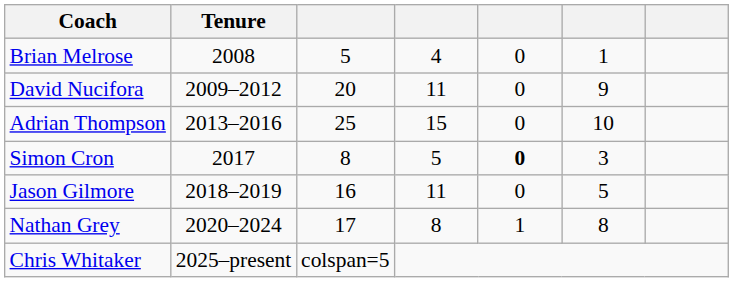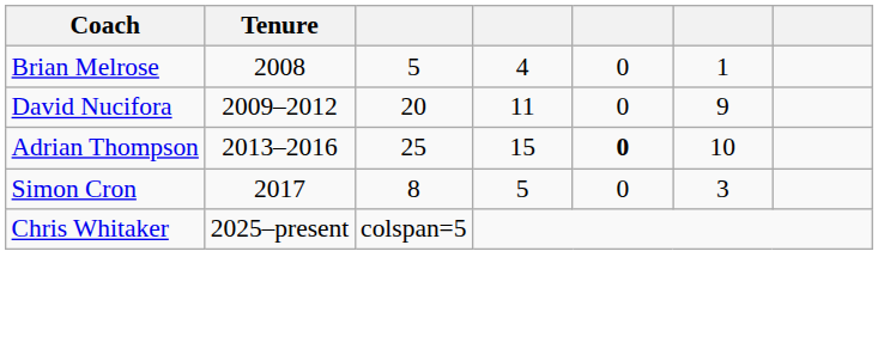 <table class="wikitable" style="text-align:center">
 <tr>
 <th>Coach</th>
 <th>Tenure</th>
 <th width=55px></th>
 <th width=55px></th>
 <th width=55px></th>
 <th width=55px></th>
 <th width=55px></th>
 </tr>
 <tr>
 <td align="left"> <a href='#'>Brian Melrose</a></td>
 <td>2008</td>
 <td>5</td>
 <td>4</td>
 <td>0</td>
 <td>1</td>
 <td></td>
 </tr>
 <tr>
 <td align="left"> <a href='#'>David Nucifora</a></td>
 <td>2009–2012</td>
 <td>20</td>
 <td>11</td>
 <td>0</td>
 <td>9</td>
 <td></td>
 </tr>
 <tr>
 <td align="left"> <a href='#'>Adrian Thompson</a></td>
 <td>2013–2016</td>
 <td>25</td>
 <td>15</td>
-<td>0</td>
+<td><strong>0</strong></td>
 <td>10</td>
 <td></td>
 </tr>
 <tr>
 <td align="left"> <a href='#'>Simon Cron</a></td>
 <td>2017</td>
 <td>8</td>
 <td>5</td>
-<td><strong>0</strong></td>
+<td>0</td>
 <td>3</td>
-<td></td>
-</tr>
-<tr>
-<td align="left"> <a href='#'>Jason Gilmore</a></td>
-<td>2018–2019</td>
-<td>16</td>
-<td>11</td>
-<td>0</td>
-<td>5</td>
-<td></td>
-</tr>
-<tr>
-<td align="left"> <a href='#'>Nathan Grey</a></td>
-<td>2020–2024</td>
-<td>17</td>
-<td>8</td>
-<td>1</td>
-<td>8</td>
 <td></td>
 </tr>
 <tr>
 <td align="left"> <a href='#'>Chris Whitaker</a></td>
 <td>2025–present</td>
 <td>colspan=5 </td>
 </tr>
 </table>
